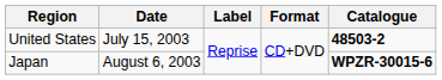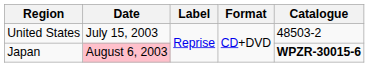 <table class="wikitable">
 <tr>
 <th>Region</th>
 <th>Date</th>
 <th>Label</th>
 <th>Format</th>
 <th>Catalogue</th>
 </tr>
 <tr>
 <td>United States</td>
 <td>July 15, 2003</td>
 <td rowspan="2"><a href='#'>Reprise</a></td>
 <td rowspan="2"><a href='#'>CD</a>+DVD</td>
-<td><strong>48503-2</strong></td>
+<td>48503-2</td>
 </tr>
 <tr>
 <td>Japan</td>
-<td>August 6, 2003</td>
+<td style="background: pink;">August 6, 2003</td>
 <td><strong>WPZR-30015-6</strong></td>
 </tr>
 </table>
